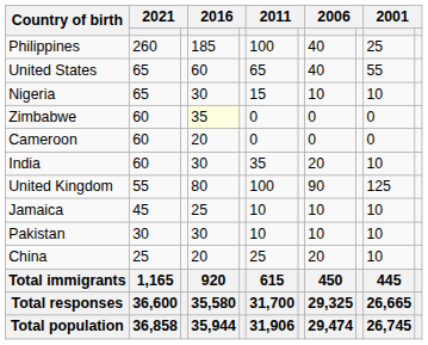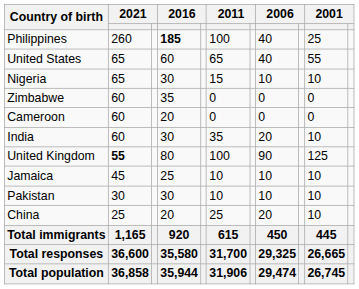 <table class="wikitable sortable">
 <tr>
 <th rowspan="2">Country of birth</th>
 <th colspan="2">2021</th>
 <th colspan="2">2016</th>
 <th colspan="2">2011</th>
 <th colspan="2">2006</th>
 <th colspan="2">2001</th>
 </tr>
 <tr>
 <th><a href='#'></a></th>
 <th></th>
 <th></th>
 <th></th>
 <th></th>
 <th></th>
 <th></th>
 <th></th>
 <th></th>
 <th></th>
 </tr>
 <tr>
 <td>Philippines</td>
 <td>260</td>
 <td></td>
-<td>185</td>
+<td><strong>185</strong></td>
 <td></td>
 <td>100</td>
 <td></td>
 <td>40</td>
 <td></td>
 <td>25</td>
 <td></td>
 </tr>
 <tr>
 <td>United States</td>
 <td>65</td>
 <td></td>
 <td>60</td>
 <td></td>
 <td>65</td>
 <td></td>
 <td>40</td>
 <td></td>
 <td>55</td>
 <td></td>
 </tr>
 <tr>
 <td>Nigeria</td>
 <td>65</td>
 <td></td>
 <td>30</td>
 <td></td>
 <td>15</td>
 <td></td>
 <td>10</td>
 <td></td>
 <td>10</td>
 <td></td>
 </tr>
 <tr>
 <td>Zimbabwe</td>
 <td>60</td>
 <td></td>
-<td style="background: lightyellow;">35</td>
+<td>35</td>
 <td></td>
 <td>0</td>
 <td></td>
 <td>0</td>
 <td></td>
 <td>0</td>
 <td></td>
 </tr>
 <tr>
 <td>Cameroon</td>
 <td>60</td>
 <td></td>
 <td>20</td>
 <td></td>
 <td>0</td>
 <td></td>
 <td>0</td>
 <td></td>
 <td>0</td>
 <td></td>
 </tr>
 <tr>
 <td>India</td>
 <td>60</td>
 <td></td>
 <td>30</td>
 <td></td>
 <td>35</td>
 <td></td>
 <td>20</td>
 <td></td>
 <td>10</td>
 <td></td>
 </tr>
 <tr>
 <td>United Kingdom</td>
-<td>55</td>
+<td><strong>55</strong></td>
 <td></td>
 <td>80</td>
 <td></td>
 <td>100</td>
 <td></td>
 <td>90</td>
 <td></td>
 <td>125</td>
 <td></td>
 </tr>
 <tr>
 <td>Jamaica</td>
 <td>45</td>
 <td></td>
 <td>25</td>
 <td></td>
 <td>10</td>
 <td></td>
 <td>10</td>
 <td></td>
 <td>10</td>
 <td></td>
 </tr>
 <tr>
 <td>Pakistan</td>
 <td>30</td>
 <td></td>
 <td>30</td>
 <td></td>
 <td>10</td>
 <td></td>
 <td>10</td>
 <td></td>
 <td>10</td>
 <td></td>
 </tr>
 <tr>
 <td>China</td>
 <td>25</td>
 <td></td>
 <td>20</td>
 <td></td>
 <td>25</td>
 <td></td>
 <td>20</td>
 <td></td>
 <td>10</td>
 <td></td>
 </tr>
 <tr>
 <th>Total immigrants</th>
 <th>1,165</th>
 <th></th>
 <th>920</th>
 <th></th>
 <th>615</th>
 <th></th>
 <th>450</th>
 <th></th>
 <th>445</th>
 <th></th>
 </tr>
 <tr class="sortbottom">
 <th>Total responses</th>
 <th>36,600</th>
 <th></th>
 <th>35,580</th>
 <th></th>
 <th>31,700</th>
 <th></th>
 <th>29,325</th>
 <th></th>
 <th>26,665</th>
 <th></th>
 </tr>
 <tr class="sortbottom">
 <th>Total population</th>
 <th>36,858</th>
 <th></th>
 <th>35,944</th>
 <th></th>
 <th>31,906</th>
 <th></th>
 <th>29,474</th>
 <th></th>
 <th>26,745</th>
 <th></th>
 </tr>
 </table>
